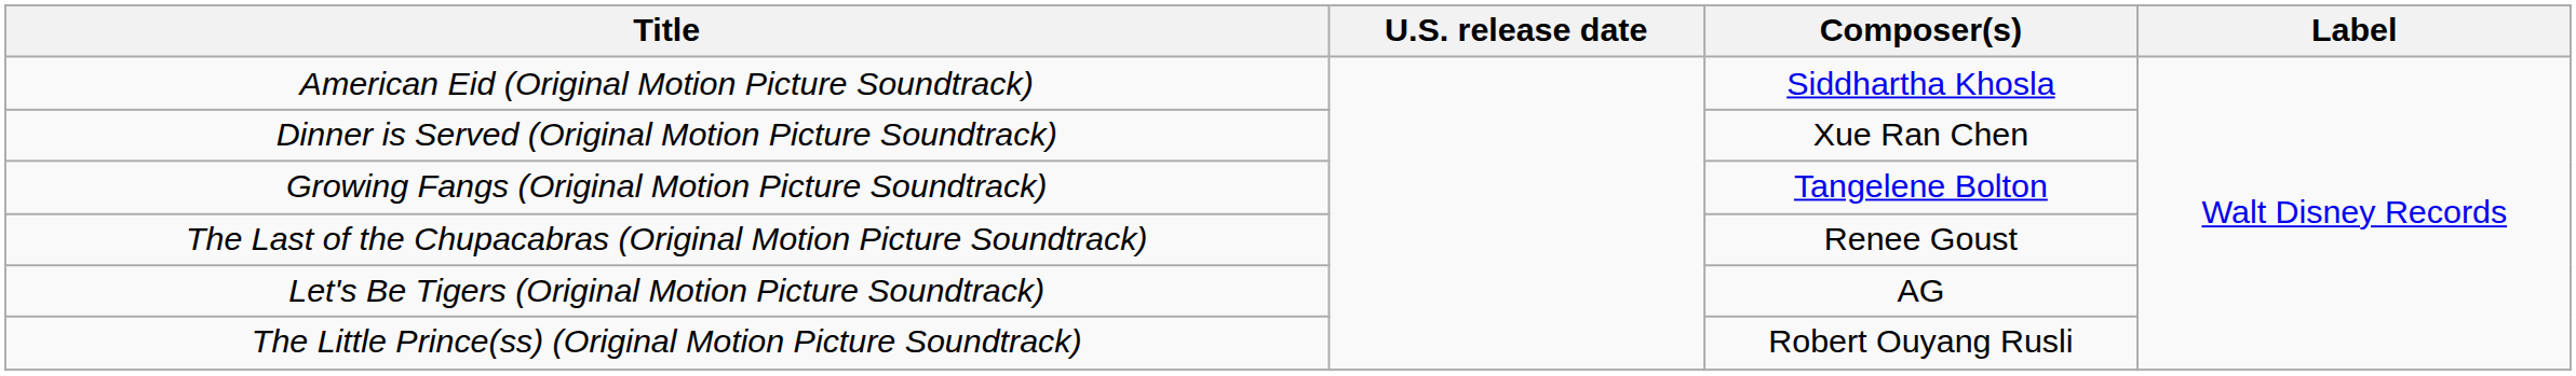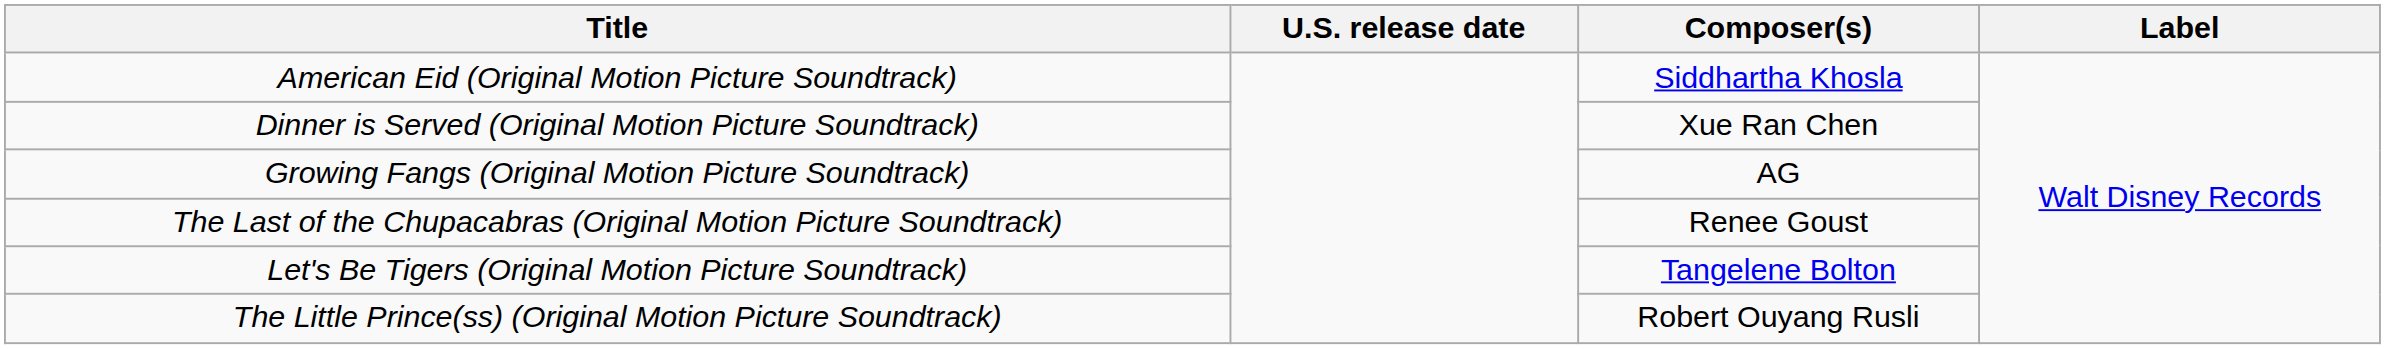 <table class="wikitable plainrowheaders" width="99%" style="text-align:center">
 <tr>
 <th scope="col">Title</th>
 <th scope="col">U.S. release date</th>
 <th scope="col">Composer(s)</th>
 <th scope="col">Label</th>
 </tr>
 <tr>
 <td><em>American Eid (Original Motion Picture Soundtrack)</em></td>
 <td rowspan="6"></td>
 <td><a href='#'>Siddhartha Khosla</a></td>
 <td rowspan="6"><a href='#'>Walt Disney Records</a></td>
 </tr>
 <tr>
 <td><em>Dinner is Served (Original Motion Picture Soundtrack)</em></td>
 <td>Xue Ran Chen</td>
 </tr>
 <tr>
 <td><em>Growing Fangs (Original Motion Picture Soundtrack)</em></td>
-<td><a href='#'>Tangelene Bolton</a></td>
+<td>AG</td>
 </tr>
 <tr>
 <td><em>The Last of the Chupacabras (Original Motion Picture Soundtrack)</em></td>
 <td>Renee Goust</td>
 </tr>
 <tr>
 <td><em>Let's Be Tigers (Original Motion Picture Soundtrack)</em></td>
-<td>AG</td>
+<td><a href='#'>Tangelene Bolton</a></td>
 </tr>
 <tr>
 <td><em>The Little Prince(ss) (Original Motion Picture Soundtrack)</em></td>
 <td>Robert Ouyang Rusli</td>
 </tr>
 </table>
